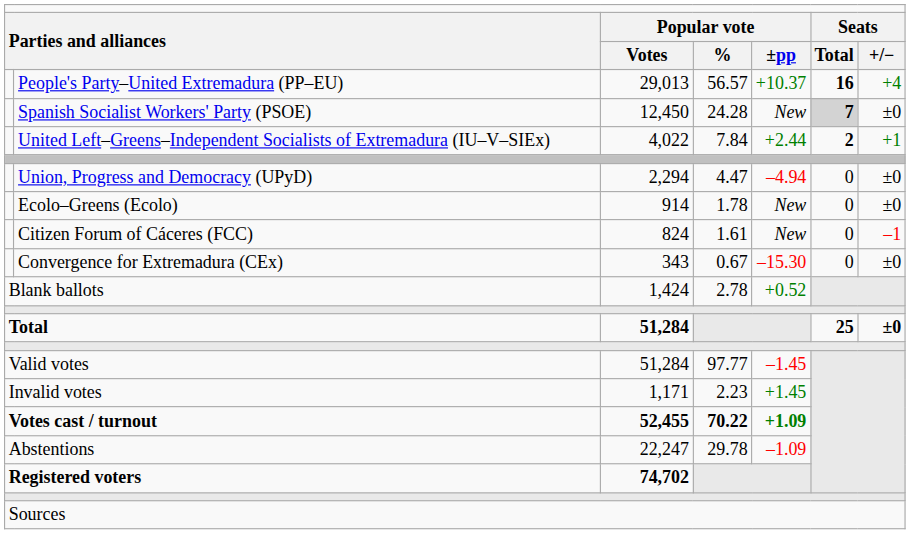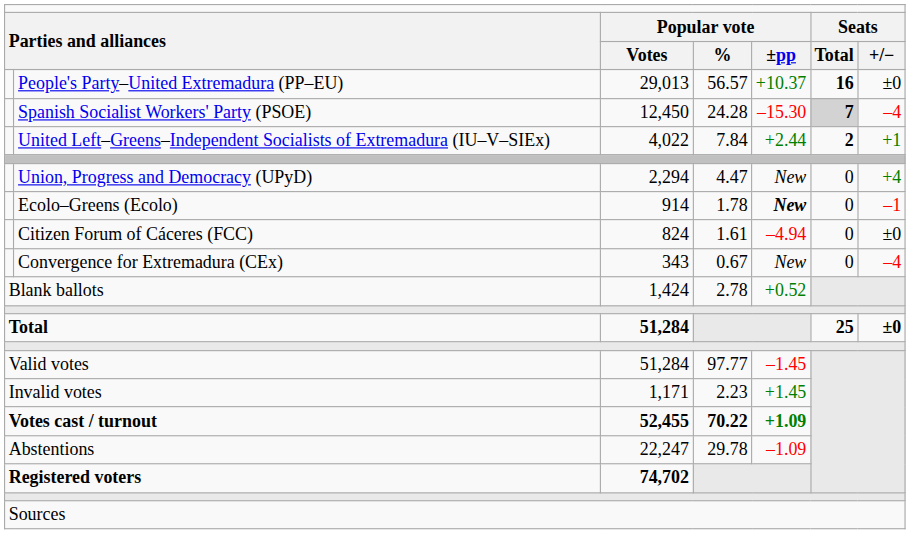 <table class="wikitable" style="text-align:right;">
 <tr>
 <td colspan="7"></td>
 </tr>
 <tr>
 <th style="text-align:left;" rowspan="2" colspan="2" width="525">Parties and alliances</th>
 <th colspan="3">Popular vote</th>
 <th colspan="2">Seats</th>
 </tr>
 <tr>
 <th width="75">Votes</th>
 <th width="45">%</th>
 <th width="45">±<a href='#'>pp</a></th>
 <th width="35">Total</th>
 <th width="35">+/−</th>
 </tr>
 <tr>
 <td width="1" style="color:inherit;background:"></td>
 <td align="left"><a href='#'>People's Party</a>–<a href='#'>United Extremadura</a> (PP–EU)</td>
 <td>29,013</td>
 <td>56.57</td>
 <td style="color:green;">+10.37</td>
 <td><strong>16</strong></td>
-<td style="color:green;">+4</td>
+<td>±0</td>
 </tr>
 <tr>
 <td style="color:inherit;background:"></td>
 <td align="left"><a href='#'>Spanish Socialist Workers' Party</a> (PSOE)</td>
 <td>12,450</td>
 <td>24.28</td>
-<td><em>New</em></td>
+<td style="color:red;">–15.30</td>
 <td style="background: lightgrey;"><strong>7</strong></td>
-<td>±0</td>
+<td style="color:red;">–4</td>
 </tr>
 <tr>
 <td style="color:inherit;background:"></td>
 <td align="left"><a href='#'>United Left</a>–<a href='#'>Greens</a>–<a href='#'>Independent Socialists of Extremadura</a> (IU–V–SIEx)</td>
 <td>4,022</td>
 <td>7.84</td>
 <td style="color:green;">+2.44</td>
 <td><strong>2</strong></td>
 <td style="color:green;">+1</td>
 </tr>
 <tr>
 <td colspan="7" bgcolor="#C0C0C0"></td>
 </tr>
 <tr>
 <td style="color:inherit;background:"></td>
 <td align="left"><a href='#'>Union, Progress and Democracy</a> (UPyD)</td>
 <td>2,294</td>
 <td>4.47</td>
+<td><em>New</em></td>
+<td>0</td>
+<td style="color:green;">+4</td>
+</tr>
+<tr>
+<td style="color:inherit;background:"></td>
+<td align="left">Ecolo–Greens (Ecolo)</td>
+<td>914</td>
+<td>1.78</td>
+<td><strong><em>New</em></strong></td>
+<td>0</td>
+<td style="color:red;">–1</td>
+</tr>
+<tr>
+<td style="color:inherit;background:"></td>
+<td align="left">Citizen Forum of Cáceres (FCC)</td>
+<td>824</td>
+<td>1.61</td>
 <td style="color:red;">–4.94</td>
 <td>0</td>
 <td>±0</td>
 </tr>
 <tr>
 <td style="color:inherit;background:"></td>
-<td align="left">Ecolo–Greens (Ecolo)</td>
-<td>914</td>
-<td>1.78</td>
-<td><em>New</em></td>
-<td>0</td>
-<td>±0</td>
-</tr>
-<tr>
-<td style="color:inherit;background:"></td>
-<td align="left">Citizen Forum of Cáceres (FCC)</td>
-<td>824</td>
-<td>1.61</td>
-<td><em>New</em></td>
-<td>0</td>
-<td style="color:red;">–1</td>
-</tr>
-<tr>
-<td style="color:inherit;background:"></td>
 <td align="left">Convergence for Extremadura (CEx)</td>
 <td>343</td>
 <td>0.67</td>
-<td style="color:red;">–15.30</td>
+<td><em>New</em></td>
 <td>0</td>
-<td>±0</td>
+<td style="color:red;">–4</td>
 </tr>
 <tr>
 <td align="left" colspan="2">Blank ballots</td>
 <td>1,424</td>
 <td>2.78</td>
 <td style="color:green;">+0.52</td>
 <td bgcolor="#E9E9E9" colspan="2"></td>
 </tr>
 <tr>
 <td colspan="7" bgcolor="#E9E9E9"></td>
 </tr>
 <tr style="font-weight:bold;">
 <td align="left" colspan="2">Total</td>
 <td>51,284</td>
 <td bgcolor="#E9E9E9" colspan="2"></td>
 <td>25</td>
 <td>±0</td>
 </tr>
 <tr>
 <td colspan="7" bgcolor="#E9E9E9"></td>
 </tr>
 <tr>
 <td align="left" colspan="2">Valid votes</td>
 <td>51,284</td>
 <td>97.77</td>
 <td style="color:red;">–1.45</td>
 <td bgcolor="#E9E9E9" colspan="2" rowspan="5"></td>
 </tr>
 <tr>
 <td align="left" colspan="2">Invalid votes</td>
 <td>1,171</td>
 <td>2.23</td>
 <td style="color:green;">+1.45</td>
 </tr>
 <tr style="font-weight:bold;">
 <td align="left" colspan="2">Votes cast / turnout</td>
 <td>52,455</td>
 <td>70.22</td>
 <td style="color:green;">+1.09</td>
 </tr>
 <tr>
 <td align="left" colspan="2">Abstentions</td>
 <td>22,247</td>
 <td>29.78</td>
 <td style="color:red;">–1.09</td>
 </tr>
 <tr style="font-weight:bold;">
 <td align="left" colspan="2">Registered voters</td>
 <td>74,702</td>
 <td bgcolor="#E9E9E9" colspan="2"></td>
 </tr>
 <tr>
 <td colspan="7" bgcolor="#E9E9E9"></td>
 </tr>
 <tr>
 <td align="left" colspan="7">Sources</td>
 </tr>
 </table>
